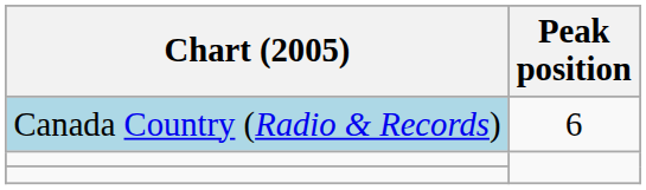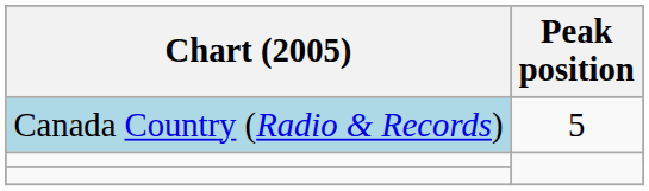 <table class="wikitable sortable">
 <tr>
 <th align="left">Chart (2005)</th>
 <th align="center">Peak<br>position</th>
 </tr>
 <tr>
 <td align="left" style="background: lightblue;">Canada <a href='#'>Country</a> (<em><a href='#'>Radio & Records</a></em>)</td>
-<td align="center">6</td>
+<td align="center">5</td>
 </tr>
 <tr>
 <td></td>
 </tr>
 <tr>
 <td></td>
 </tr>
 </table>
